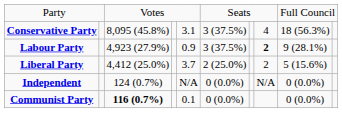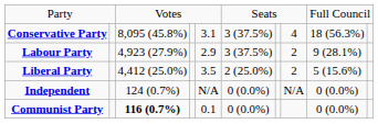 <table class=wikitable style="text-align:center;">
 <tr>
 <td colspan=2>Party</td>
 <td colspan=3>Votes</td>
 <td colspan=3>Seats</td>
 <td colspan=3>Full Council</td>
 </tr>
 <tr>
 <td><strong><a href='#'>Conservative Party</a></strong></td>
 <td style="background:"></td>
 <td>8,095 (45.8%)</td>
 <td></td>
 <td> 3.1</td>
 <td>3 (37.5%)</td>
 <td></td>
 <td> 4</td>
 <td>18 (56.3%)</td>
 <td></td>
 </tr>
 <tr>
 <td><strong><a href='#'>Labour Party</a></strong></td>
 <td style="background:"></td>
 <td>4,923 (27.9%)</td>
 <td></td>
-<td> 0.9</td>
+<td> 2.9</td>
 <td>3 (37.5%)</td>
 <td></td>
-<td><strong> 2</strong></td>
+<td> 2</td>
 <td>9 (28.1%)</td>
 <td></td>
 </tr>
 <tr>
 <td><strong><a href='#'>Liberal Party</a></strong></td>
 <td style="background:"></td>
 <td>4,412 (25.0%)</td>
 <td></td>
-<td> 3.7</td>
+<td> 3.5</td>
 <td>2 (25.0%)</td>
 <td></td>
 <td> 2</td>
 <td>5 (15.6%)</td>
 <td></td>
 </tr>
 <tr>
 <td><strong><a href='#'>Independent</a></strong></td>
 <td style="background:"></td>
 <td>124 (0.7%)</td>
 <td></td>
 <td>N/A</td>
 <td>0 (0.0%)</td>
 <td></td>
 <td>N/A</td>
 <td>0 (0.0%)</td>
 <td></td>
 </tr>
 <tr>
 <td><strong><a href='#'>Communist Party</a></strong></td>
 <td style="background:"></td>
 <td><strong>116 (0.7%)</strong></td>
 <td></td>
 <td> 0.1</td>
 <td>0 (0.0%)</td>
 <td></td>
 <td></td>
 <td>0 (0.0%)</td>
 <td></td>
 </tr>
 </table>
